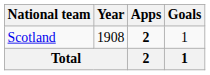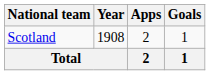 <table class="wikitable">
 <tr>
 <th>National team</th>
 <th>Year</th>
 <th>Apps</th>
 <th>Goals</th>
 </tr>
 <tr>
 <td><a href='#'>Scotland</a></td>
 <td>1908</td>
-<td align=center><strong>2</strong></td>
+<td align=center>2</td>
 <td align=center>1</td>
 </tr>
 <tr>
 <th colspan="2">Total</th>
 <th>2</th>
 <th>1</th>
 </tr>
 </table>
